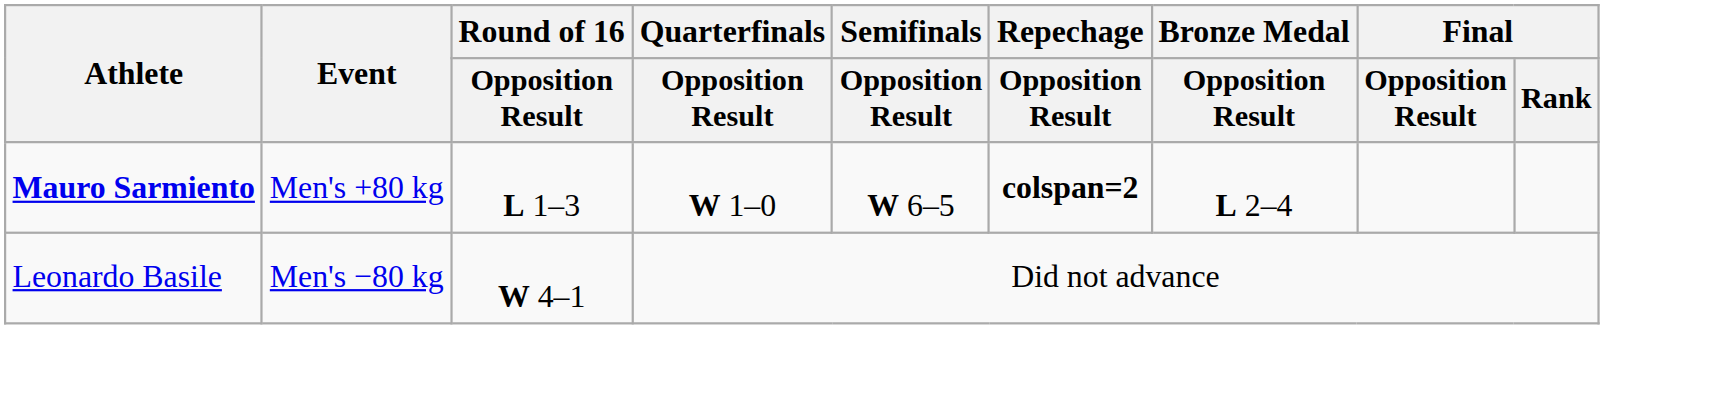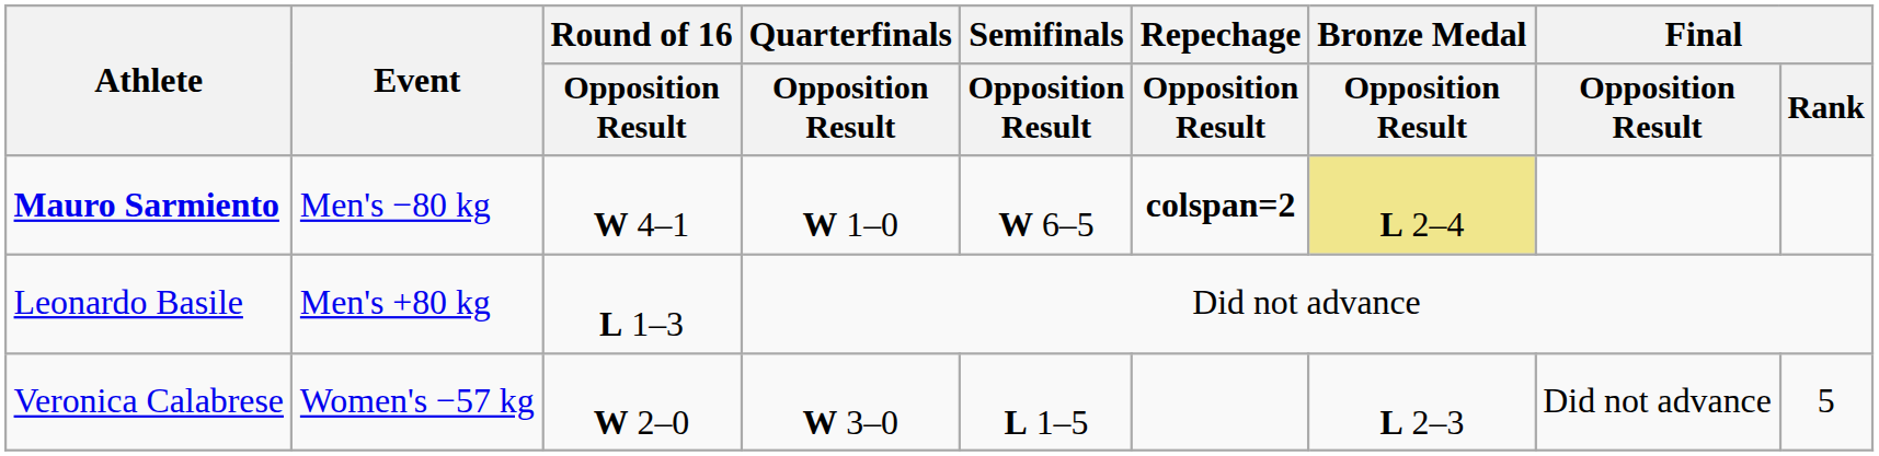 <table class="wikitable" style="font-size:90%">
 <tr>
 <th rowspan="2">Athlete</th>
 <th rowspan="2">Event</th>
 <th>Round of 16</th>
 <th>Quarterfinals</th>
 <th>Semifinals</th>
 <th>Repechage</th>
 <th>Bronze Medal</th>
 <th colspan=2>Final</th>
 </tr>
 <tr style="font-size:95%">
 <th>Opposition<br>Result</th>
 <th>Opposition<br>Result</th>
 <th>Opposition<br>Result</th>
 <th>Opposition<br>Result</th>
 <th>Opposition<br>Result</th>
 <th>Opposition<br>Result</th>
 <th>Rank</th>
 </tr>
 <tr align=center>
 <td align=left><strong><a href='#'>Mauro Sarmiento</a></strong></td>
-<td align=left><a href='#'>Men's +80 kg</a></td>
-<td><br><strong>L</strong> 1–3</td>
+<td align=left><a href='#'>Men's −80 kg</a></td>
+<td><br><strong>W</strong> 4–1</td>
 <td><br><strong>W</strong> 1–0</td>
 <td><br><strong>W</strong> 6–5</td>
 <td><strong>colspan=2 </strong></td>
-<td><br><strong>L</strong> 2–4</td>
+<td style="background: khaki;"><br><strong>L</strong> 2–4</td>
 <td></td>
 </tr>
 <tr align=center>
 <td align=left><a href='#'>Leonardo Basile</a></td>
-<td align=left><a href='#'>Men's −80 kg</a></td>
-<td><br><strong>W</strong> 4–1</td>
+<td align=left><a href='#'>Men's +80 kg</a></td>
+<td><br><strong>L</strong> 1–3</td>
 <td colspan=6>Did not advance</td>
 </tr>
+<tr align=center>
+<td align=left><a href='#'>Veronica Calabrese</a></td>
+<td align=left><a href='#'>Women's −57 kg</a></td>
+<td><br><strong>W</strong> 2–0</td>
+<td><br><strong>W</strong> 3–0</td>
+<td><br><strong>L</strong> 1–5</td>
+<td></td>
+<td align=center><br><strong>L</strong> 2–3</td>
+<td>Did not advance</td>
+<td>5</td>
+</tr>
 </table>
